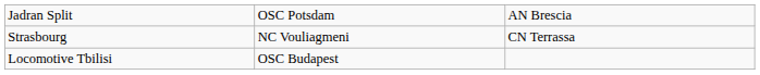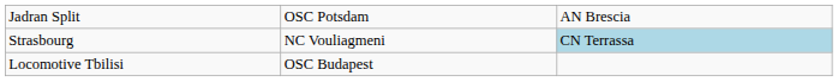 <table class="wikitable" style="table-layout:fixed;width:100%;">
 <tr>
 <td width=25%> Jadran Split</td>
 <td width=25%> OSC Potsdam</td>
 <td width=25%> AN Brescia</td>
 </tr>
 <tr>
 <td width=25%> Strasbourg</td>
 <td width=25%> NC Vouliagmeni</td>
-<td width=25%> CN Terrassa</td>
+<td width=25% style="background: lightblue;"> CN Terrassa</td>
 </tr>
 <tr>
 <td width=25%> Locomotive Tbilisi</td>
 <td width=25%> OSC Budapest</td>
 </tr>
 </table>
